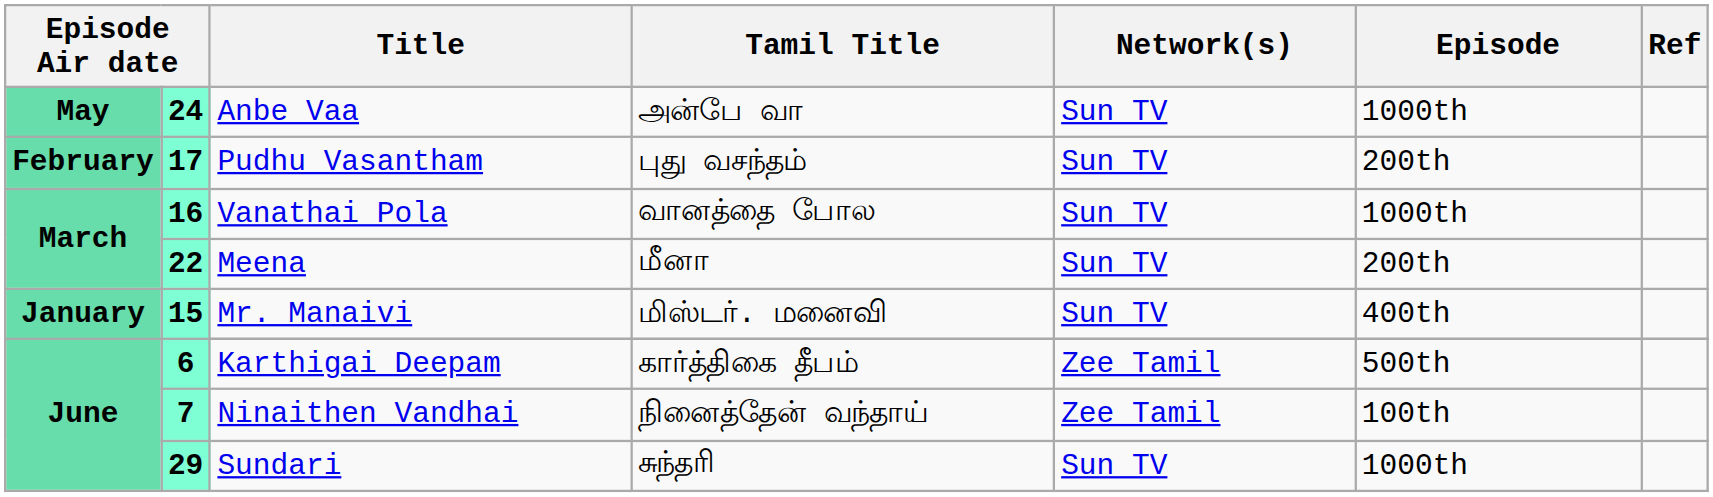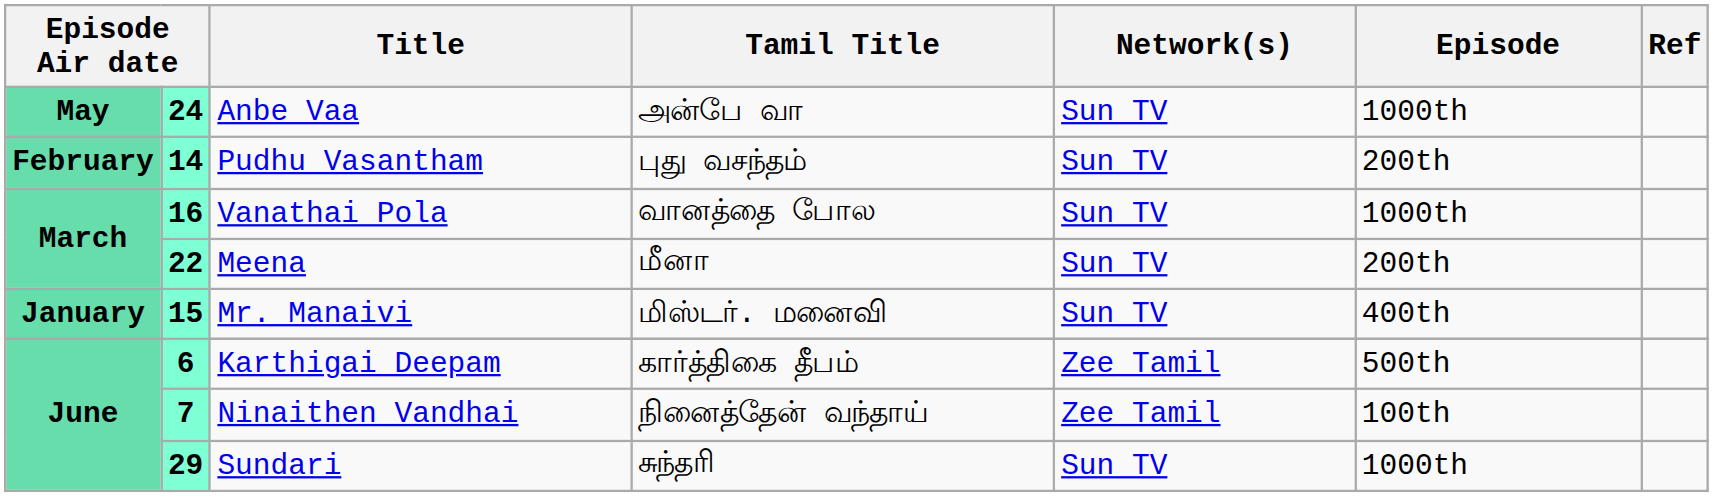 <table class="wikitable" width="85%">
 <tr>
 <th colspan="2">Episode Air date</th>
 <th style="width:30%;">Title</th>
 <th style="width:30%;">Tamil Title</th>
 <th style="width:20%;">Network(s)</th>
 <th style="width:20%;">Episode</th>
 <th>Ref</th>
 </tr>
 <tr>
 <td rowspan="1" style="text-align:center; background:#6da; textcolor:#000;"><strong>May</strong></td>
 <td style="text-align:center; background:#7FFFD4;"><strong>24</strong></td>
 <td><a href='#'>Anbe Vaa</a></td>
 <td>அன்பே வா</td>
 <td><a href='#'>Sun TV</a></td>
 <td>1000th</td>
 <td></td>
 </tr>
 <tr>
 <td rowspan="1" style="text-align:center; background:#6da; textcolor:#000;"><strong>February</strong></td>
-<td style="text-align:center; background:#7FFFD4;"><strong>17</strong></td>
+<td style="text-align:center; background:#7FFFD4;"><strong>14</strong></td>
 <td><a href='#'>Pudhu Vasantham</a></td>
 <td>புது வசந்தம்</td>
 <td><a href='#'>Sun TV</a></td>
 <td>200th</td>
 <td></td>
 </tr>
 <tr>
 <td rowspan="2" style="text-align:center; background:#6da; textcolor:#000;"><strong>March</strong></td>
 <td style="text-align:center; background:#7FFFD4;"><strong>16</strong></td>
 <td><a href='#'>Vanathai Pola</a></td>
 <td>வானத்தை போல</td>
 <td><a href='#'>Sun TV</a></td>
 <td>1000th</td>
 <td></td>
 </tr>
 <tr>
 <td style="text-align:center; background:#7FFFD4;"><strong>22</strong></td>
 <td><a href='#'>Meena</a></td>
 <td>மீனா</td>
 <td><a href='#'>Sun TV</a></td>
 <td>200th</td>
 <td></td>
 </tr>
 <tr>
 <td rowspan="1" style="text-align:center; background:#6da; textcolor:#000;"><strong>January</strong></td>
 <td rowspan="1" style="text-align:center; background:#7FFFD4;"><strong>15</strong></td>
 <td><a href='#'>Mr. Manaivi</a></td>
 <td>மிஸ்டர். மனைவி</td>
 <td><a href='#'>Sun TV</a></td>
 <td>400th</td>
 <td></td>
 </tr>
 <tr>
 <td rowspan="4" style="text-align:center; background:#6da; textcolor:#000;"><strong>June</strong></td>
 <td rowspan="2" style="text-align:center; background:#7FFFD4;"><strong>6</strong></td>
 </tr>
 <tr>
 <td><a href='#'>Karthigai Deepam</a></td>
 <td>கார்த்திகை தீபம்</td>
 <td><a href='#'>Zee Tamil</a></td>
 <td>500th</td>
 <td></td>
 </tr>
 <tr>
 <td style="text-align:center; background:#7FFFD4;"><strong>7</strong></td>
 <td><a href='#'>Ninaithen Vandhai</a></td>
 <td>நினைத்தேன் வந்தாய்</td>
 <td><a href='#'>Zee Tamil</a></td>
 <td>100th</td>
 <td></td>
 </tr>
 <tr>
 <td style="text-align:center; background:#7FFFD4;"><strong>29</strong></td>
 <td><a href='#'>Sundari</a></td>
 <td>சுந்தரி</td>
 <td><a href='#'>Sun TV</a></td>
 <td>1000th</td>
 <td></td>
 </tr>
 </table>
